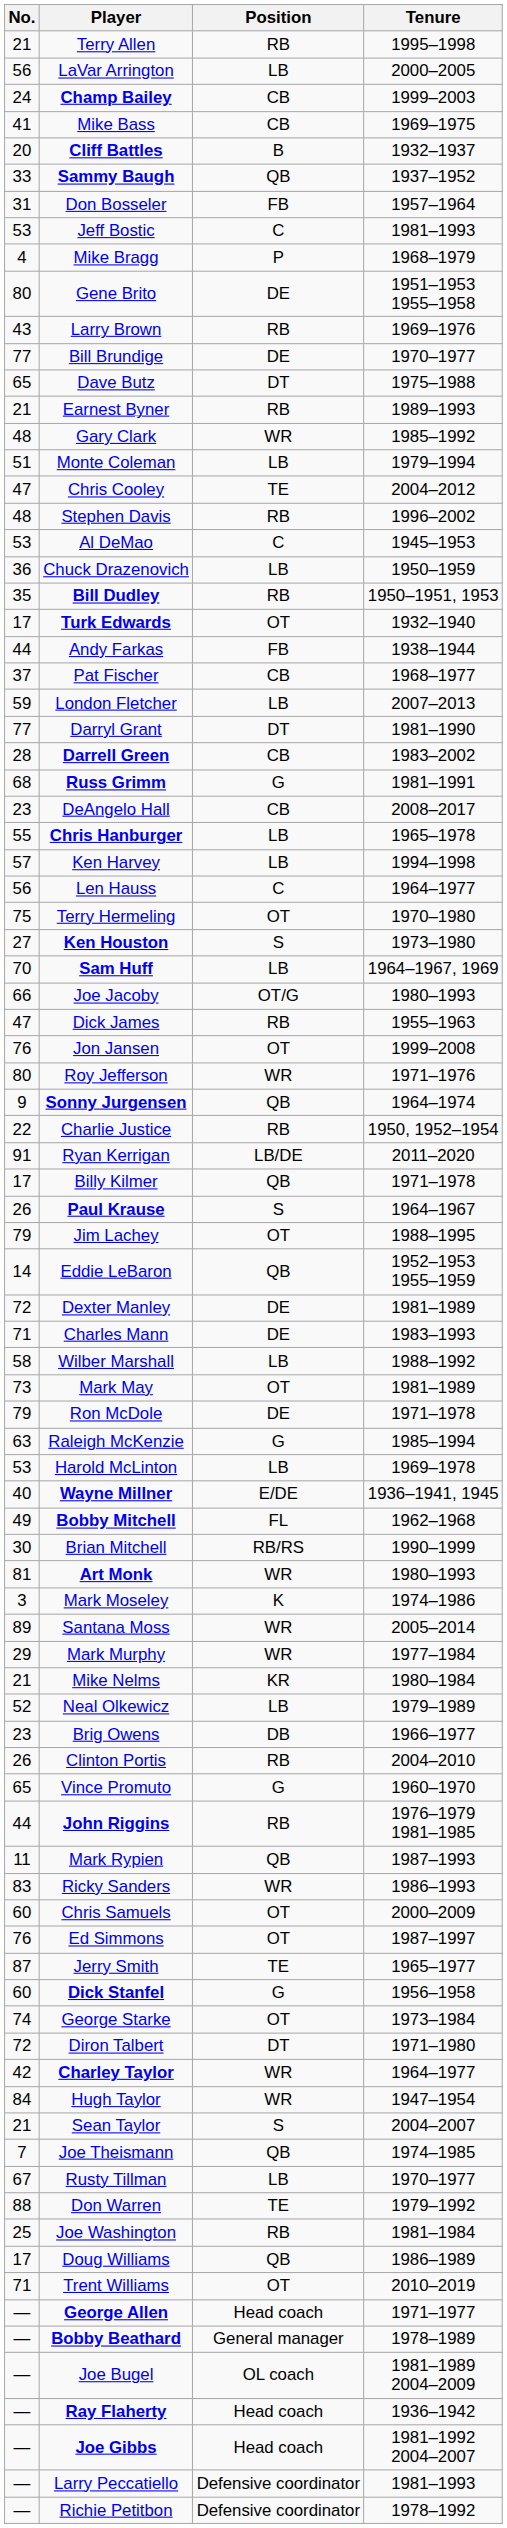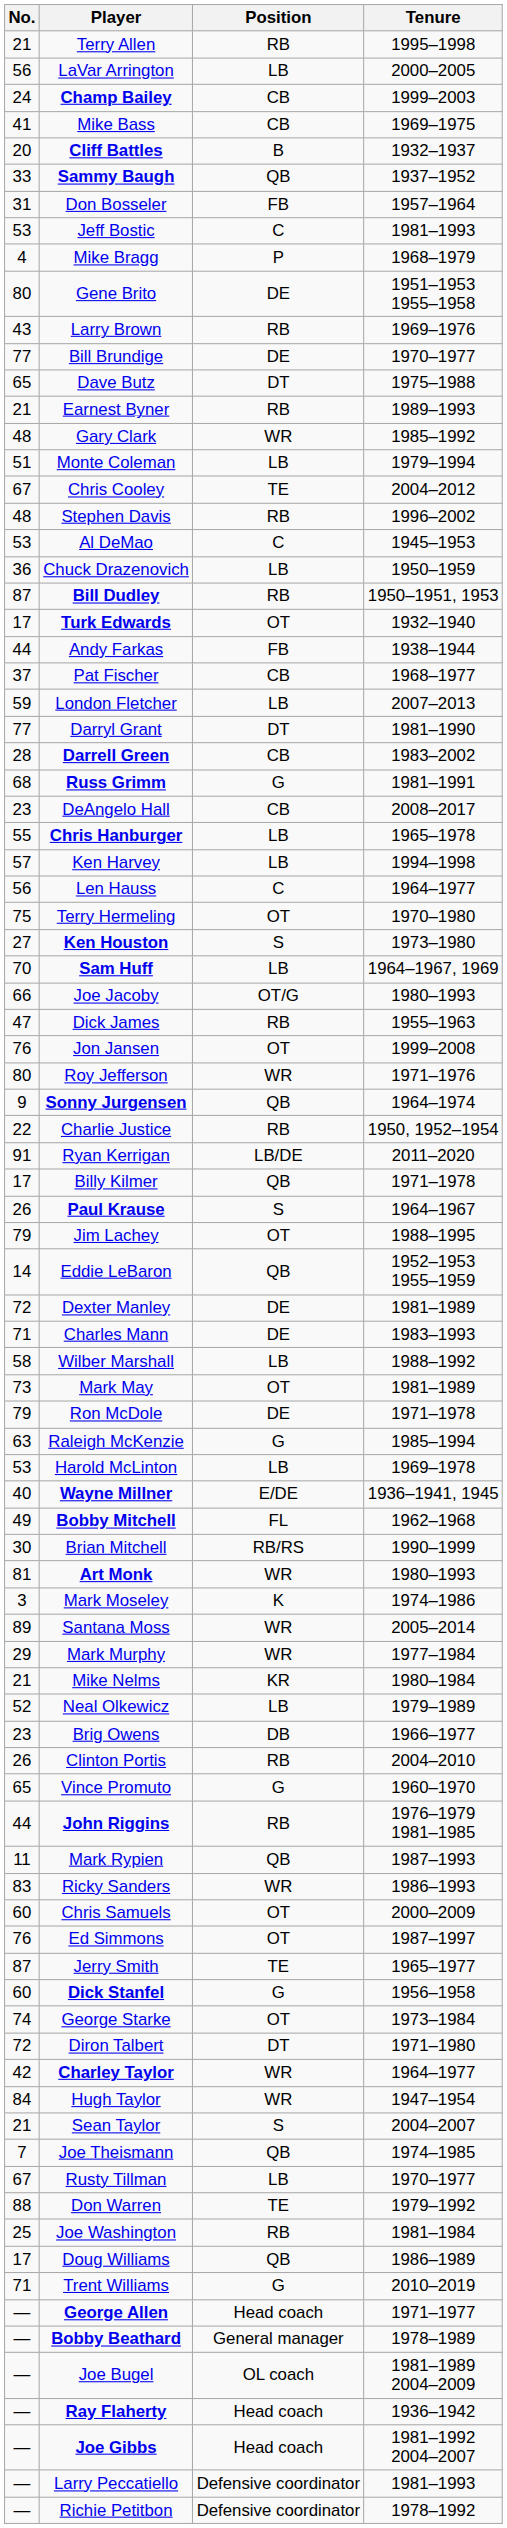 <table class="wikitable" style="text-align:center">
 <tr>
 <th>No.</th>
 <th>Player</th>
 <th>Position</th>
 <th>Tenure</th>
 </tr>
 <tr>
 <td>21</td>
 <td><a href='#'>Terry Allen</a></td>
 <td>RB</td>
 <td>1995–1998</td>
 </tr>
 <tr>
 <td>56</td>
 <td><a href='#'>LaVar Arrington</a></td>
 <td>LB</td>
 <td>2000–2005</td>
 </tr>
 <tr>
 <td>24</td>
 <td><strong><a href='#'>Champ Bailey</a></strong></td>
 <td>CB</td>
 <td>1999–2003</td>
 </tr>
 <tr>
 <td>41</td>
 <td><a href='#'>Mike Bass</a></td>
 <td>CB</td>
 <td>1969–1975</td>
 </tr>
 <tr>
 <td>20</td>
 <td><strong><a href='#'>Cliff Battles</a></strong></td>
 <td>B</td>
 <td>1932–1937</td>
 </tr>
 <tr>
 <td>33</td>
 <td><strong><a href='#'>Sammy Baugh</a></strong></td>
 <td>QB</td>
 <td>1937–1952</td>
 </tr>
 <tr>
 <td>31</td>
 <td><a href='#'>Don Bosseler</a></td>
 <td>FB</td>
 <td>1957–1964</td>
 </tr>
 <tr>
 <td>53</td>
 <td><a href='#'>Jeff Bostic</a></td>
 <td>C</td>
 <td>1981–1993</td>
 </tr>
 <tr>
 <td>4</td>
 <td><a href='#'>Mike Bragg</a></td>
 <td>P</td>
 <td>1968–1979</td>
 </tr>
 <tr>
 <td>80</td>
 <td><a href='#'>Gene Brito</a></td>
 <td>DE</td>
 <td>1951–1953<br>1955–1958</td>
 </tr>
 <tr>
 <td>43</td>
 <td><a href='#'>Larry Brown</a></td>
 <td>RB</td>
 <td>1969–1976</td>
 </tr>
 <tr>
 <td>77</td>
 <td><a href='#'>Bill Brundige</a></td>
 <td>DE</td>
 <td>1970–1977</td>
 </tr>
 <tr>
 <td>65</td>
 <td><a href='#'>Dave Butz</a></td>
 <td>DT</td>
 <td>1975–1988</td>
 </tr>
 <tr>
 <td>21</td>
 <td><a href='#'>Earnest Byner</a></td>
 <td>RB</td>
 <td>1989–1993</td>
 </tr>
 <tr>
 <td>48</td>
 <td><a href='#'>Gary Clark</a></td>
 <td>WR</td>
 <td>1985–1992</td>
 </tr>
 <tr>
 <td>51</td>
 <td><a href='#'>Monte Coleman</a></td>
 <td>LB</td>
 <td>1979–1994</td>
 </tr>
 <tr>
-<td>47</td>
+<td>67</td>
 <td><a href='#'>Chris Cooley</a></td>
 <td>TE</td>
 <td>2004–2012</td>
 </tr>
 <tr>
 <td>48</td>
 <td><a href='#'>Stephen Davis</a></td>
 <td>RB</td>
 <td>1996–2002</td>
 </tr>
 <tr>
 <td>53</td>
 <td><a href='#'>Al DeMao</a></td>
 <td>C</td>
 <td>1945–1953</td>
 </tr>
 <tr>
 <td>36</td>
 <td><a href='#'>Chuck Drazenovich</a></td>
 <td>LB</td>
 <td>1950–1959</td>
 </tr>
 <tr>
-<td>35</td>
+<td>87</td>
 <td><strong><a href='#'>Bill Dudley</a></strong></td>
 <td>RB</td>
 <td>1950–1951, 1953</td>
 </tr>
 <tr>
 <td>17</td>
 <td><strong><a href='#'>Turk Edwards</a></strong></td>
 <td>OT</td>
 <td>1932–1940</td>
 </tr>
 <tr>
 <td>44</td>
 <td><a href='#'>Andy Farkas</a></td>
 <td>FB</td>
 <td>1938–1944</td>
 </tr>
 <tr>
 <td>37</td>
 <td><a href='#'>Pat Fischer</a></td>
 <td>CB</td>
 <td>1968–1977</td>
 </tr>
 <tr>
 <td>59</td>
 <td><a href='#'>London Fletcher</a></td>
 <td>LB</td>
 <td>2007–2013</td>
 </tr>
 <tr>
 <td>77</td>
 <td><a href='#'>Darryl Grant</a></td>
 <td>DT</td>
 <td>1981–1990</td>
 </tr>
 <tr>
 <td>28</td>
 <td><strong><a href='#'>Darrell Green</a></strong></td>
 <td>CB</td>
 <td>1983–2002</td>
 </tr>
 <tr>
 <td>68</td>
 <td><strong><a href='#'>Russ Grimm</a></strong></td>
 <td>G</td>
 <td>1981–1991</td>
 </tr>
 <tr>
 <td>23</td>
 <td><a href='#'>DeAngelo Hall</a></td>
 <td>CB</td>
 <td>2008–2017</td>
 </tr>
 <tr>
 <td>55</td>
 <td><strong><a href='#'>Chris Hanburger</a></strong></td>
 <td>LB</td>
 <td>1965–1978</td>
 </tr>
 <tr>
 <td>57</td>
 <td><a href='#'>Ken Harvey</a></td>
 <td>LB</td>
 <td>1994–1998</td>
 </tr>
 <tr>
 <td>56</td>
 <td><a href='#'>Len Hauss</a></td>
 <td>C</td>
 <td>1964–1977</td>
 </tr>
 <tr>
 <td>75</td>
 <td><a href='#'>Terry Hermeling</a></td>
 <td>OT</td>
 <td>1970–1980</td>
 </tr>
 <tr>
 <td>27</td>
 <td><strong><a href='#'>Ken Houston</a></strong></td>
 <td>S</td>
 <td>1973–1980</td>
 </tr>
 <tr>
 <td>70</td>
 <td><strong><a href='#'>Sam Huff</a></strong></td>
 <td>LB</td>
 <td>1964–1967, 1969</td>
 </tr>
 <tr>
 <td>66</td>
 <td><a href='#'>Joe Jacoby</a></td>
 <td>OT/G</td>
 <td>1980–1993</td>
 </tr>
 <tr>
 <td>47</td>
 <td><a href='#'>Dick James</a></td>
 <td>RB</td>
 <td>1955–1963</td>
 </tr>
 <tr>
 <td>76</td>
 <td><a href='#'>Jon Jansen</a></td>
 <td>OT</td>
 <td>1999–2008</td>
 </tr>
 <tr>
 <td>80</td>
 <td><a href='#'>Roy Jefferson</a></td>
 <td>WR</td>
 <td>1971–1976</td>
 </tr>
 <tr>
 <td>9</td>
 <td><strong><a href='#'>Sonny Jurgensen</a></strong></td>
 <td>QB</td>
 <td>1964–1974</td>
 </tr>
 <tr>
 <td>22</td>
 <td><a href='#'>Charlie Justice</a></td>
 <td>RB</td>
 <td>1950, 1952–1954</td>
 </tr>
 <tr>
 <td>91</td>
 <td><a href='#'>Ryan Kerrigan</a></td>
 <td>LB/DE</td>
 <td>2011–2020</td>
 </tr>
 <tr>
 <td>17</td>
 <td><a href='#'>Billy Kilmer</a></td>
 <td>QB</td>
 <td>1971–1978</td>
 </tr>
 <tr>
 <td>26</td>
 <td><strong><a href='#'>Paul Krause</a></strong></td>
 <td>S</td>
 <td>1964–1967</td>
 </tr>
 <tr>
 <td>79</td>
 <td><a href='#'>Jim Lachey</a></td>
 <td>OT</td>
 <td>1988–1995</td>
 </tr>
 <tr>
 <td>14</td>
 <td><a href='#'>Eddie LeBaron</a></td>
 <td>QB</td>
 <td>1952–1953<br>1955–1959</td>
 </tr>
 <tr>
 <td>72</td>
 <td><a href='#'>Dexter Manley</a></td>
 <td>DE</td>
 <td>1981–1989</td>
 </tr>
 <tr>
 <td>71</td>
 <td><a href='#'>Charles Mann</a></td>
 <td>DE</td>
 <td>1983–1993</td>
 </tr>
 <tr>
 <td>58</td>
 <td><a href='#'>Wilber Marshall</a></td>
 <td>LB</td>
 <td>1988–1992</td>
 </tr>
 <tr>
 <td>73</td>
 <td><a href='#'>Mark May</a></td>
 <td>OT</td>
 <td>1981–1989</td>
 </tr>
 <tr>
 <td>79</td>
 <td><a href='#'>Ron McDole</a></td>
 <td>DE</td>
 <td>1971–1978</td>
 </tr>
 <tr>
 <td>63</td>
 <td><a href='#'>Raleigh McKenzie</a></td>
 <td>G</td>
 <td>1985–1994</td>
 </tr>
 <tr>
 <td>53</td>
 <td><a href='#'>Harold McLinton</a></td>
 <td>LB</td>
 <td>1969–1978</td>
 </tr>
 <tr>
 <td>40</td>
 <td><strong><a href='#'>Wayne Millner</a></strong></td>
 <td>E/DE</td>
 <td>1936–1941, 1945</td>
 </tr>
 <tr>
 <td>49</td>
 <td><strong><a href='#'>Bobby Mitchell</a></strong></td>
 <td>FL</td>
 <td>1962–1968</td>
 </tr>
 <tr>
 <td>30</td>
 <td><a href='#'>Brian Mitchell</a></td>
 <td>RB/RS</td>
 <td>1990–1999</td>
 </tr>
 <tr>
 <td>81</td>
 <td><strong><a href='#'>Art Monk</a></strong></td>
 <td>WR</td>
 <td>1980–1993</td>
 </tr>
 <tr>
 <td>3</td>
 <td><a href='#'>Mark Moseley</a></td>
 <td>K</td>
 <td>1974–1986</td>
 </tr>
 <tr>
 <td>89</td>
 <td><a href='#'>Santana Moss</a></td>
 <td>WR</td>
 <td>2005–2014</td>
 </tr>
 <tr>
 <td>29</td>
 <td><a href='#'>Mark Murphy</a></td>
 <td>WR</td>
 <td>1977–1984</td>
 </tr>
 <tr>
 <td>21</td>
 <td><a href='#'>Mike Nelms</a></td>
 <td>KR</td>
 <td>1980–1984</td>
 </tr>
 <tr>
 <td>52</td>
 <td><a href='#'>Neal Olkewicz</a></td>
 <td>LB</td>
 <td>1979–1989</td>
 </tr>
 <tr>
 <td>23</td>
 <td><a href='#'>Brig Owens</a></td>
 <td>DB</td>
 <td>1966–1977</td>
 </tr>
 <tr>
 <td>26</td>
 <td><a href='#'>Clinton Portis</a></td>
 <td>RB</td>
 <td>2004–2010</td>
 </tr>
 <tr>
 <td>65</td>
 <td><a href='#'>Vince Promuto</a></td>
 <td>G</td>
 <td>1960–1970</td>
 </tr>
 <tr>
 <td>44</td>
 <td><strong><a href='#'>John Riggins</a></strong></td>
 <td>RB</td>
 <td>1976–1979<br>1981–1985</td>
 </tr>
 <tr>
 <td>11</td>
 <td><a href='#'>Mark Rypien</a></td>
 <td>QB</td>
 <td>1987–1993</td>
 </tr>
 <tr>
 <td>83</td>
 <td><a href='#'>Ricky Sanders</a></td>
 <td>WR</td>
 <td>1986–1993</td>
 </tr>
 <tr>
 <td>60</td>
 <td><a href='#'>Chris Samuels</a></td>
 <td>OT</td>
 <td>2000–2009</td>
 </tr>
 <tr>
 <td>76</td>
 <td><a href='#'>Ed Simmons</a></td>
 <td>OT</td>
 <td>1987–1997</td>
 </tr>
 <tr>
 <td>87</td>
 <td><a href='#'>Jerry Smith</a></td>
 <td>TE</td>
 <td>1965–1977</td>
 </tr>
 <tr>
 <td>60</td>
 <td><strong><a href='#'>Dick Stanfel</a></strong></td>
 <td>G</td>
 <td>1956–1958</td>
 </tr>
 <tr>
 <td>74</td>
 <td><a href='#'>George Starke</a></td>
 <td>OT</td>
 <td>1973–1984</td>
 </tr>
 <tr>
 <td>72</td>
 <td><a href='#'>Diron Talbert</a></td>
 <td>DT</td>
 <td>1971–1980</td>
 </tr>
 <tr>
 <td>42</td>
 <td><strong><a href='#'>Charley Taylor</a></strong></td>
 <td>WR</td>
 <td>1964–1977</td>
 </tr>
 <tr>
 <td>84</td>
 <td><a href='#'>Hugh Taylor</a></td>
 <td>WR</td>
 <td>1947–1954</td>
 </tr>
 <tr>
 <td>21</td>
 <td><a href='#'>Sean Taylor</a></td>
 <td>S</td>
 <td>2004–2007</td>
 </tr>
 <tr>
 <td>7</td>
 <td><a href='#'>Joe Theismann</a></td>
 <td>QB</td>
 <td>1974–1985</td>
 </tr>
 <tr>
 <td>67</td>
 <td><a href='#'>Rusty Tillman</a></td>
 <td>LB</td>
 <td>1970–1977</td>
 </tr>
 <tr>
 <td>88</td>
 <td><a href='#'>Don Warren</a></td>
 <td>TE</td>
 <td>1979–1992</td>
 </tr>
 <tr>
 <td>25</td>
 <td><a href='#'>Joe Washington</a></td>
 <td>RB</td>
 <td>1981–1984</td>
 </tr>
 <tr>
 <td>17</td>
 <td><a href='#'>Doug Williams</a></td>
 <td>QB</td>
 <td>1986–1989</td>
 </tr>
 <tr>
 <td>71</td>
 <td><a href='#'>Trent Williams</a></td>
-<td>OT</td>
+<td>G</td>
 <td>2010–2019</td>
 </tr>
 <tr>
 <td>—</td>
 <td><strong><a href='#'>George Allen</a></strong></td>
 <td>Head coach</td>
 <td>1971–1977</td>
 </tr>
 <tr>
 <td>—</td>
 <td><strong><a href='#'>Bobby Beathard</a></strong></td>
 <td>General manager</td>
 <td>1978–1989</td>
 </tr>
 <tr>
 <td>—</td>
 <td><a href='#'>Joe Bugel</a></td>
 <td>OL coach</td>
 <td>1981–1989<br>2004–2009</td>
 </tr>
 <tr>
 <td>—</td>
 <td><strong><a href='#'>Ray Flaherty</a></strong></td>
 <td>Head coach</td>
 <td>1936–1942</td>
 </tr>
 <tr>
 <td>—</td>
 <td><strong><a href='#'>Joe Gibbs</a></strong></td>
 <td>Head coach</td>
 <td>1981–1992<br>2004–2007</td>
 </tr>
 <tr>
 <td>—</td>
 <td><a href='#'>Larry Peccatiello</a></td>
 <td>Defensive coordinator</td>
 <td>1981–1993</td>
 </tr>
 <tr>
 <td>—</td>
 <td><a href='#'>Richie Petitbon</a></td>
 <td>Defensive coordinator</td>
 <td>1978–1992</td>
 </tr>
 </table>
